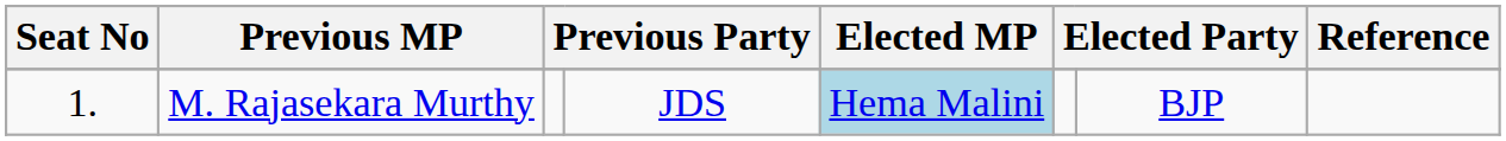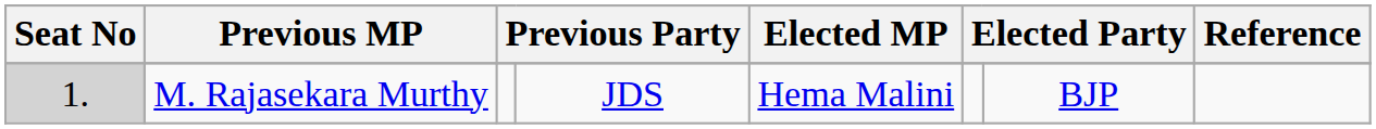 <table class="wikitable">
 <tr>
 <th>Seat No</th>
 <th>Previous MP</th>
 <th colspan=2>Previous Party</th>
 <th>Elected MP</th>
 <th colspan=2>Elected Party</th>
 <th>Reference</th>
 </tr>
 <tr>
 </tr>
 <tr style="text-align:center;">
-<td>1.</td>
+<td style="background: lightgrey;">1.</td>
 <td><a href='#'>M. Rajasekara Murthy</a></td>
 <td width="1px"></td>
 <td><a href='#'>JDS</a></td>
-<td style="background: lightblue;"><a href='#'>Hema Malini</a></td>
+<td><a href='#'>Hema Malini</a></td>
 <td width="1px"></td>
 <td><a href='#'>BJP</a></td>
 <td></td>
 </tr>
 </table>
